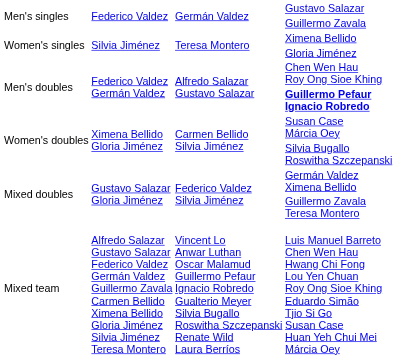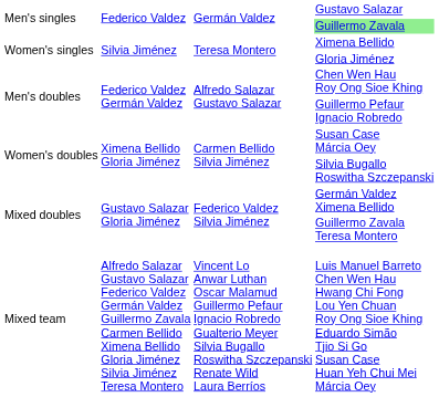 <table>
 <tr>
 <td rowspan="2">Men's singles</td>
 <td rowspan="2"> <a href='#'>Federico Valdez</a></td>
 <td rowspan="2"> <a href='#'>Germán Valdez</a></td>
 <td> <a href='#'>Gustavo Salazar</a></td>
 </tr>
 <tr>
-<td> <a href='#'>Guillermo Zavala</a></td>
+<td style="background: lightgreen;"> <a href='#'>Guillermo Zavala</a></td>
 </tr>
 <tr>
 <td rowspan="2">Women's singles</td>
 <td rowspan="2"> <a href='#'>Silvia Jiménez</a></td>
 <td rowspan="2"> <a href='#'>Teresa Montero</a></td>
 <td> <a href='#'>Ximena Bellido</a></td>
 </tr>
 <tr>
 <td> <a href='#'>Gloria Jiménez</a></td>
 </tr>
 <tr>
 <td rowspan="2">Men's doubles</td>
 <td rowspan="2"> <a href='#'>Federico Valdez</a><br> <a href='#'>Germán Valdez</a></td>
 <td rowspan="2"> <a href='#'>Alfredo Salazar</a><br> <a href='#'>Gustavo Salazar</a></td>
 <td> <a href='#'>Chen Wen Hau</a><br> <a href='#'>Roy Ong Sioe Khing</a></td>
 </tr>
 <tr>
-<td><strong> <a href='#'>Guillermo Pefaur</a><br> <a href='#'>Ignacio Robredo</a></strong></td>
+<td> <a href='#'>Guillermo Pefaur</a><br> <a href='#'>Ignacio Robredo</a></td>
 </tr>
 <tr>
 <td rowspan="2">Women's doubles</td>
 <td rowspan="2"> <a href='#'>Ximena Bellido</a><br> <a href='#'>Gloria Jiménez</a></td>
 <td rowspan="2"> <a href='#'>Carmen Bellido</a><br> <a href='#'>Silvia Jiménez</a></td>
 <td> <a href='#'>Susan Case</a><br> <a href='#'>Márcia Oey</a></td>
 </tr>
 <tr>
 <td> <a href='#'>Silvia Bugallo</a><br> <a href='#'>Roswitha Szczepanski</a></td>
 </tr>
 <tr>
 <td rowspan="2">Mixed doubles</td>
 <td rowspan="2"> <a href='#'>Gustavo Salazar</a><br> <a href='#'>Gloria Jiménez</a></td>
 <td rowspan="2"> <a href='#'>Federico Valdez</a><br> <a href='#'>Silvia Jiménez</a></td>
 <td> <a href='#'>Germán Valdez</a><br> <a href='#'>Ximena Bellido</a></td>
 </tr>
 <tr>
 <td> <a href='#'>Guillermo Zavala</a><br> <a href='#'>Teresa Montero</a></td>
 </tr>
 <tr>
 <td>Mixed team</td>
 <td align="left"><br><a href='#'>Alfredo Salazar</a><br><a href='#'>Gustavo Salazar</a><br><a href='#'>Federico Valdez</a><br><a href='#'>Germán Valdez</a><br><a href='#'>Guillermo Zavala</a><br><a href='#'>Carmen Bellido</a><br><a href='#'>Ximena Bellido</a><br><a href='#'>Gloria Jiménez</a><br><a href='#'>Silvia Jiménez</a><br><a href='#'>Teresa Montero</a></td>
 <td align="left"><br><a href='#'>Vincent Lo</a><br><a href='#'>Anwar Luthan</a><br><a href='#'>Oscar Malamud</a><br><a href='#'>Guillermo Pefaur</a><br><a href='#'>Ignacio Robredo</a><br><a href='#'>Gualterio Meyer</a><br><a href='#'>Silvia Bugallo</a><br><a href='#'>Roswitha Szczepanski</a><br><a href='#'>Renate Wild</a><br><a href='#'>Laura Berríos</a></td>
 <td align="left"><br><a href='#'>Luis Manuel Barreto</a><br><a href='#'>Chen Wen Hau</a><br><a href='#'>Hwang Chi Fong</a><br><a href='#'>Lou Yen Chuan</a><br><a href='#'>Roy Ong Sioe Khing</a><br><a href='#'>Eduardo Simão</a><br><a href='#'>Tjio Si Go</a><br><a href='#'>Susan Case</a><br><a href='#'>Huan Yeh Chui Mei</a><br><a href='#'>Márcia Oey</a></td>
 </tr>
 </table>
